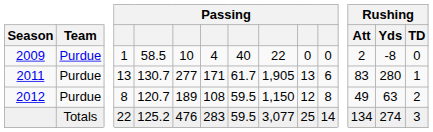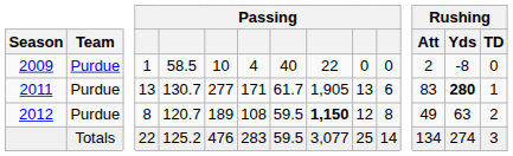 <table class="wikitable" style="text-align:center" id="Table3">
 <tr>
 <th colspan=2 style="background:#fff; border-color:#fff #fff #aaa #fff"> </th>
 <th rowspan=99 style="background:#fff; border-color:#fff #aaa"> </th>
 <th colspan=8>Passing</th>
 <th rowspan=99 style="background:#fff; border-color:#fff #aaa"> </th>
 <th colspan=3>Rushing</th>
 </tr>
 <tr>
 <th>Season</th>
 <th>Team</th>
 <th></th>
 <th></th>
 <th></th>
 <th></th>
 <th></th>
 <th></th>
 <th></th>
 <th></th>
 <th align="center">Att</th>
 <th>Yds</th>
 <th>TD</th>
 </tr>
 <tr>
 <td><a href='#'>2009</a></td>
 <td><a href='#'>Purdue</a></td>
 <td>1</td>
 <td>58.5</td>
 <td>10</td>
 <td>4</td>
 <td>40</td>
 <td>22</td>
 <td>0</td>
 <td>0</td>
 <td>2</td>
 <td>-8</td>
 <td>0</td>
 </tr>
 <tr>
 <td><a href='#'>2011</a></td>
 <td>Purdue</td>
 <td>13</td>
 <td>130.7</td>
 <td>277</td>
 <td>171</td>
 <td>61.7</td>
 <td>1,905</td>
 <td>13</td>
 <td>6</td>
 <td>83</td>
-<td>280</td>
+<td><strong>280</strong></td>
 <td>1</td>
 </tr>
 <tr>
 <td><a href='#'>2012</a></td>
 <td>Purdue</td>
 <td>8</td>
 <td>120.7</td>
 <td>189</td>
 <td>108</td>
 <td>59.5</td>
-<td>1,150</td>
+<td><strong>1,150</strong></td>
 <td>12</td>
 <td>8</td>
 <td>49</td>
 <td>63</td>
 <td>2</td>
 </tr>
 <tr style="background:#f0f0f0;">
 <td></td>
 <td>Totals</td>
 <td>22</td>
 <td>125.2</td>
 <td>476</td>
 <td>283</td>
 <td>59.5</td>
 <td>3,077</td>
 <td>25</td>
 <td>14</td>
 <td>134</td>
 <td>274</td>
 <td>3</td>
 </tr>
 </table>
